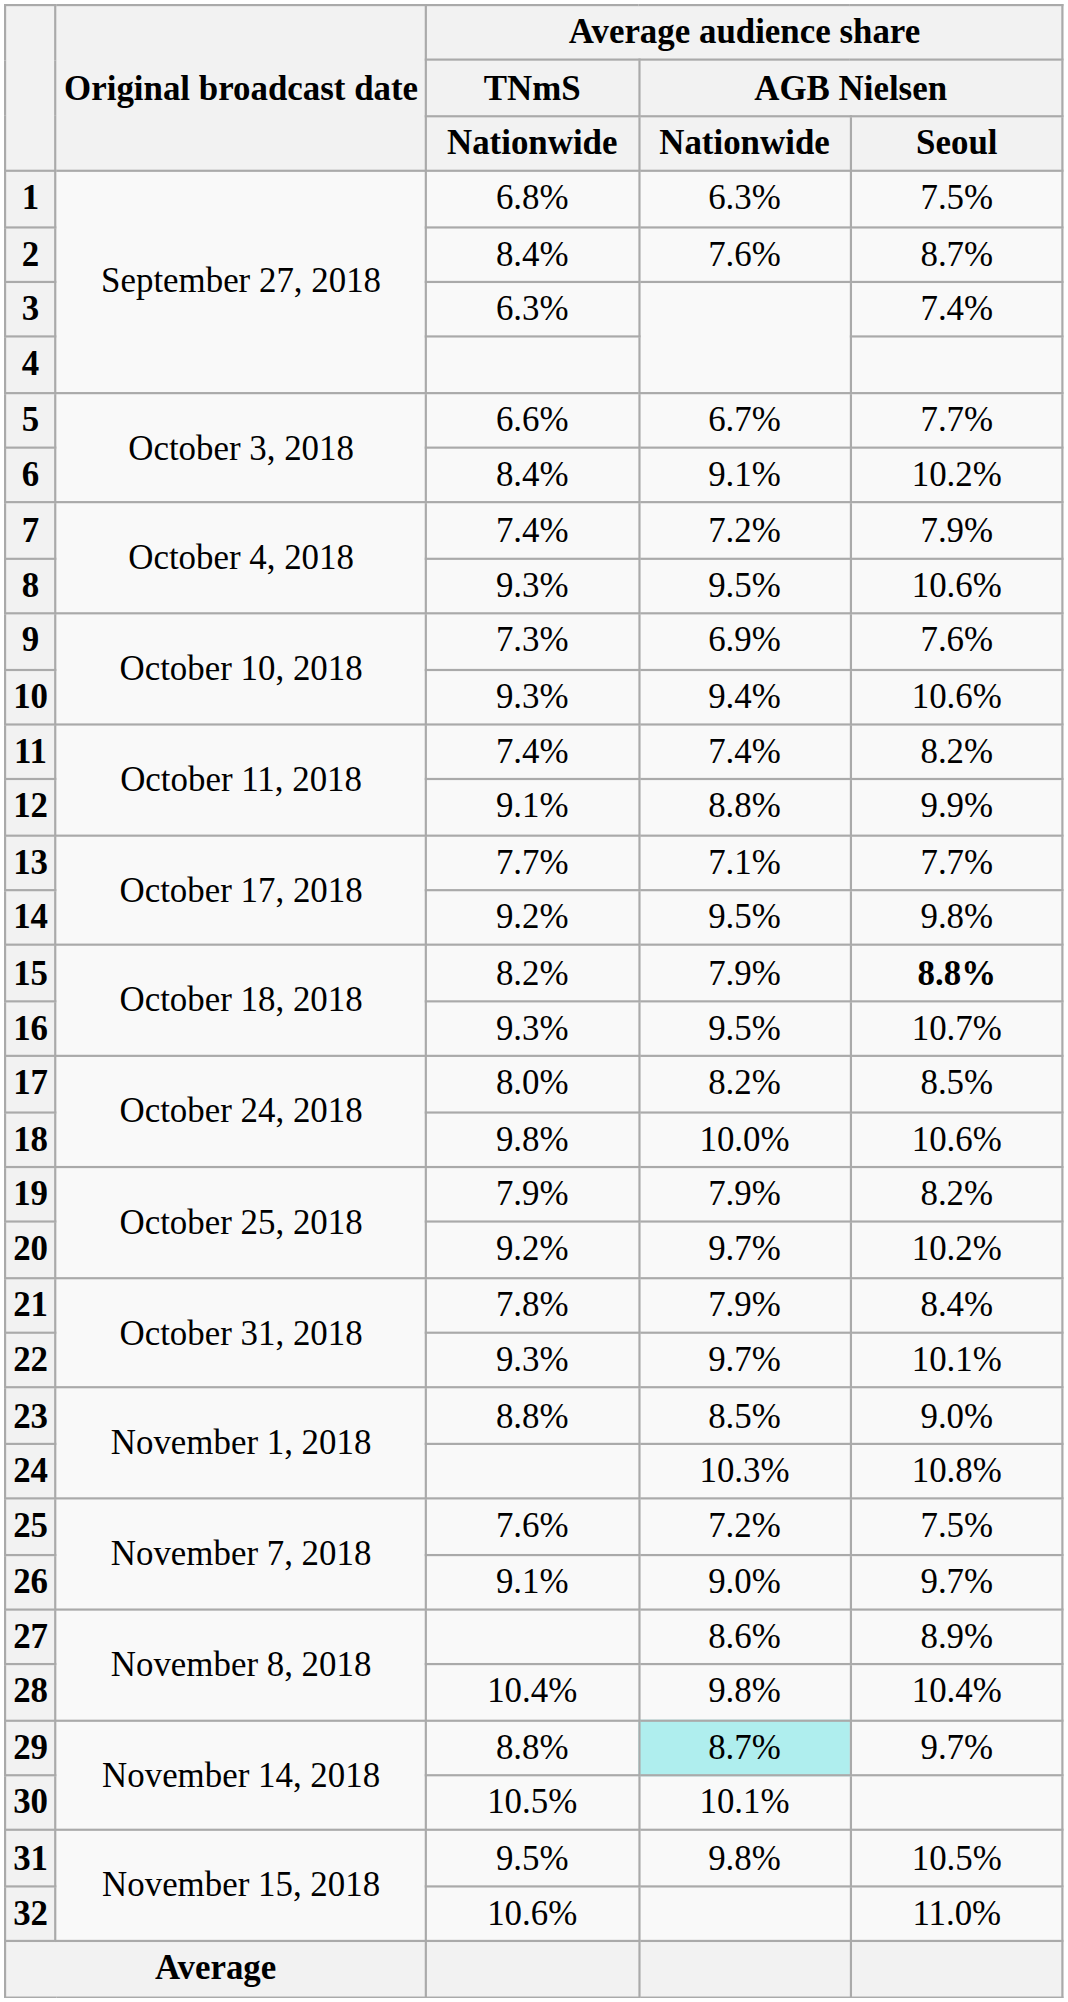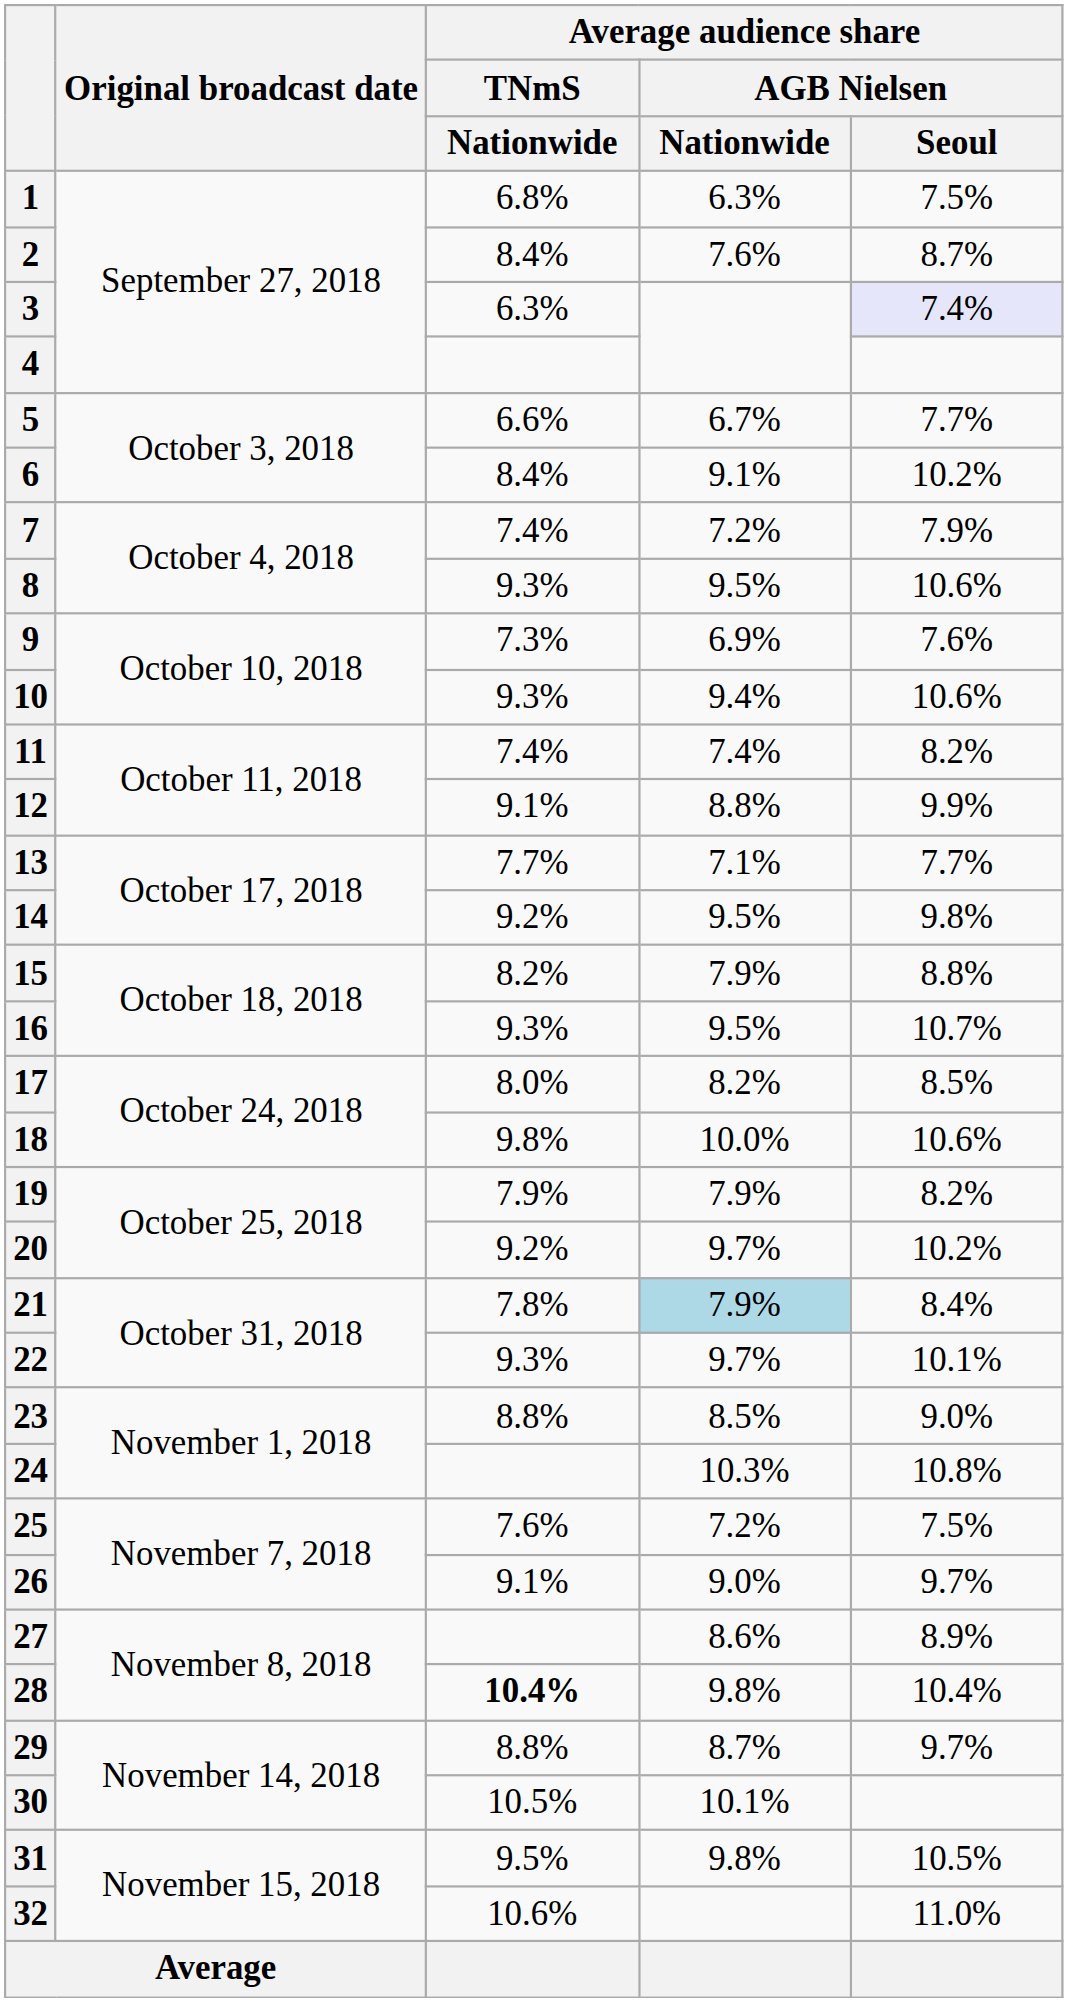 <table class="wikitable" style="text-align:center">
 <tr>
 <th rowspan="3"></th>
 <th rowspan="3">Original broadcast date</th>
 <th colspan="3">Average audience share</th>
 </tr>
 <tr>
 <th colspan="1">TNmS</th>
 <th colspan="2">AGB Nielsen</th>
 </tr>
 <tr>
 <th width="90">Nationwide</th>
 <th width="90">Nationwide</th>
 <th width="90">Seoul</th>
 </tr>
 <tr>
 <th>1</th>
 <td rowspan="4">September 27, 2018</td>
 <td>6.8%</td>
 <td>6.3% </td>
 <td>7.5% </td>
 </tr>
 <tr>
 <th>2</th>
 <td>8.4%</td>
 <td>7.6% </td>
 <td>8.7% </td>
 </tr>
 <tr>
 <th>3</th>
 <td>6.3%</td>
 <td rowspan="2"> </td>
-<td>7.4% </td>
+<td style="background: lavender;">7.4% </td>
 </tr>
 <tr>
 <th>4</th>
 <td></td>
 <td> </td>
 </tr>
 <tr>
 <th>5</th>
 <td rowspan="2">October 3, 2018</td>
 <td>6.6%</td>
 <td>6.7% </td>
 <td>7.7% </td>
 </tr>
 <tr>
 <th>6</th>
 <td>8.4%</td>
 <td>9.1% </td>
 <td>10.2% </td>
 </tr>
 <tr>
 <th>7</th>
 <td rowspan="2">October 4, 2018</td>
 <td>7.4%</td>
 <td>7.2% </td>
 <td>7.9% </td>
 </tr>
 <tr>
 <th>8</th>
 <td>9.3%</td>
 <td>9.5% </td>
 <td>10.6% </td>
 </tr>
 <tr>
 <th>9</th>
 <td rowspan="2">October 10, 2018</td>
 <td>7.3%</td>
 <td>6.9% </td>
 <td>7.6% </td>
 </tr>
 <tr>
 <th>10</th>
 <td>9.3%</td>
 <td>9.4% </td>
 <td>10.6% </td>
 </tr>
 <tr>
 <th>11</th>
 <td rowspan="2">October 11, 2018</td>
 <td>7.4%</td>
 <td>7.4% </td>
 <td>8.2% </td>
 </tr>
 <tr>
 <th>12</th>
 <td>9.1%</td>
 <td>8.8% </td>
 <td>9.9% </td>
 </tr>
 <tr>
 <th>13</th>
 <td rowspan="2">October 17, 2018</td>
 <td>7.7%</td>
 <td>7.1% </td>
 <td>7.7% </td>
 </tr>
 <tr>
 <th>14</th>
 <td>9.2%</td>
 <td>9.5% </td>
 <td>9.8% </td>
 </tr>
 <tr>
 <th>15</th>
 <td rowspan="2">October 18, 2018</td>
 <td>8.2%</td>
 <td>7.9% </td>
-<td><strong>8.8% </strong></td>
+<td>8.8% </td>
 </tr>
 <tr>
 <th>16</th>
 <td>9.3%</td>
 <td>9.5% </td>
 <td>10.7% </td>
 </tr>
 <tr>
 <th>17</th>
 <td rowspan="2">October 24, 2018</td>
 <td>8.0%</td>
 <td>8.2% </td>
 <td>8.5% </td>
 </tr>
 <tr>
 <th>18</th>
 <td>9.8%</td>
 <td>10.0% </td>
 <td>10.6% </td>
 </tr>
 <tr>
 <th>19</th>
 <td rowspan="2">October 25, 2018</td>
 <td>7.9%</td>
 <td>7.9% </td>
 <td>8.2% </td>
 </tr>
 <tr>
 <th>20</th>
 <td>9.2%</td>
 <td>9.7% </td>
 <td>10.2% </td>
 </tr>
 <tr>
 <th>21</th>
 <td rowspan="2">October 31, 2018</td>
 <td>7.8%</td>
-<td>7.9% </td>
+<td style="background: lightblue;">7.9% </td>
 <td>8.4% </td>
 </tr>
 <tr>
 <th>22</th>
 <td>9.3%</td>
 <td>9.7% </td>
 <td>10.1% </td>
 </tr>
 <tr>
 <th>23</th>
 <td rowspan="2">November 1, 2018</td>
 <td>8.8%</td>
 <td>8.5% </td>
 <td>9.0% </td>
 </tr>
 <tr>
 <th>24</th>
 <td></td>
 <td>10.3% </td>
 <td>10.8% </td>
 </tr>
 <tr>
 <th>25</th>
 <td rowspan="2">November 7, 2018</td>
 <td>7.6%</td>
 <td>7.2% </td>
 <td>7.5% </td>
 </tr>
 <tr>
 <th>26</th>
 <td>9.1%</td>
 <td>9.0% </td>
 <td>9.7% </td>
 </tr>
 <tr>
 <th>27</th>
 <td rowspan="2">November 8, 2018</td>
 <td></td>
 <td>8.6% </td>
 <td>8.9% </td>
 </tr>
 <tr>
 <th>28</th>
-<td>10.4%</td>
+<td><strong>10.4%</strong></td>
 <td>9.8% </td>
 <td>10.4% </td>
 </tr>
 <tr>
 <th>29</th>
 <td rowspan="2">November 14, 2018</td>
 <td>8.8%</td>
-<td style="background: paleturquoise;">8.7% </td>
+<td>8.7% </td>
 <td>9.7% </td>
 </tr>
 <tr>
 <th>30</th>
 <td>10.5%</td>
 <td>10.1% </td>
 <td> </td>
 </tr>
 <tr>
 <th>31</th>
 <td rowspan="2">November 15, 2018</td>
 <td>9.5%</td>
 <td>9.8% </td>
 <td>10.5% </td>
 </tr>
 <tr>
 <th>32</th>
 <td>10.6%</td>
 <td> </td>
 <td>11.0% </td>
 </tr>
 <tr>
 <th colspan="2">Average</th>
 <th></th>
 <th></th>
 <th></th>
 </tr>
 </table>
